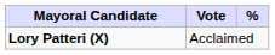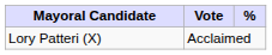 <table class="wikitable">
 <tr>
 <th style="background:#ddf; width:200px;">Mayoral Candidate </th>
 <th style="background:#ddf; width:50px;">Vote</th>
 <th style="background:#ddf; width:30px;">%</th>
 </tr>
 <tr>
-<td><strong>Lory Patteri (X)</strong></td>
+<td>Lory Patteri (X)</td>
 <td colspan="2">Acclaimed</td>
 </tr>
 </table>
